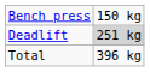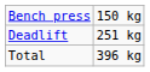 <table class="wikitable">
 <tr>
 <td><a href='#'>Bench press</a></td>
 <td>150 kg</td>
 </tr>
 <tr>
 <td><a href='#'>Deadlift</a></td>
-<td style="background: lightgrey;">251 kg</td>
+<td>251 kg</td>
 </tr>
 <tr>
 <td>Total</td>
 <td>396 kg</td>
 </tr>
 </table>
